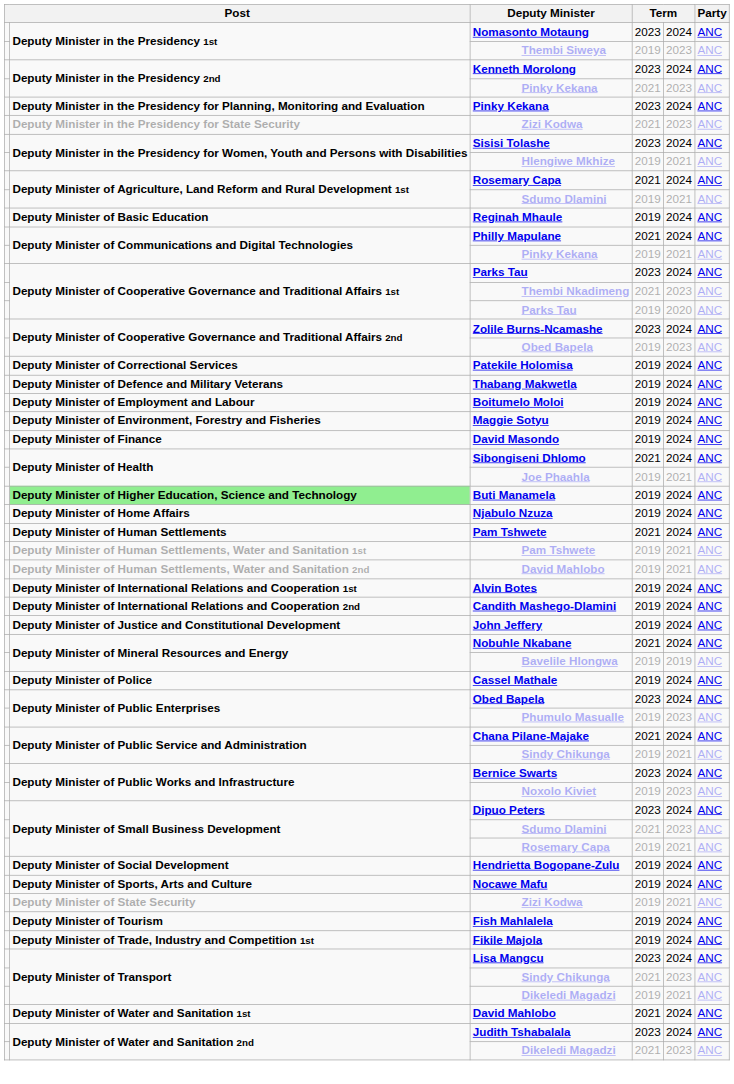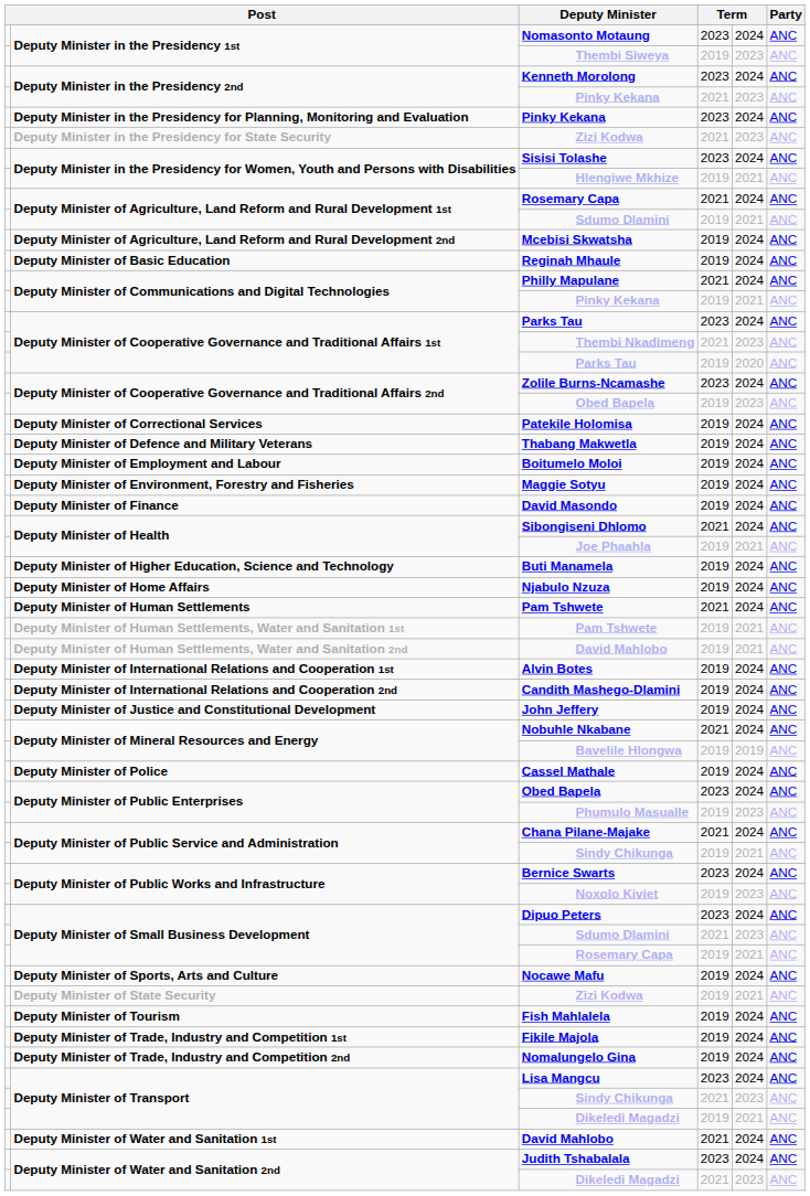 <table class="wikitable">
 <tr>
 <th colspan="2"><strong>Post</strong></th>
 <th><strong>Deputy Minister</strong></th>
 <th colspan="2"><strong>Term</strong></th>
 <th><strong>Party</strong></th>
 </tr>
 <tr>
 <td style="background-color: "></td>
 <td rowspan="2"><strong>Deputy Minister in the Presidency <small>1st</small></strong></td>
 <td><strong><a href='#'>Nomasonto Motaung</a></strong></td>
 <td>2023</td>
 <td>2024</td>
 <td><a href='#'>ANC</a></td>
 </tr>
 <tr style="opacity:.3;">
 <td style="background-color: "></td>
 <td style="padding-left:70px"><strong><a href='#'>Thembi Siweya</a></strong></td>
 <td>2019</td>
 <td>2023</td>
 <td><a href='#'>ANC</a></td>
 </tr>
 <tr>
 <td style="background-color: "></td>
 <td rowspan="2"><strong>Deputy Minister in the Presidency <small>2nd</small></strong></td>
 <td><strong><a href='#'>Kenneth Morolong</a></strong></td>
 <td>2023</td>
 <td>2024</td>
 <td><a href='#'>ANC</a></td>
 </tr>
 <tr style="opacity:.3;">
 <td style="background-color: "></td>
 <td style="padding-left:70px"><strong><a href='#'>Pinky Kekana</a></strong></td>
 <td>2021</td>
 <td>2023</td>
 <td><a href='#'>ANC</a></td>
 </tr>
 <tr>
 <td style="background-color: "></td>
 <td><strong>Deputy Minister in the Presidency for Planning, Monitoring and Evaluation</strong></td>
 <td><strong><a href='#'>Pinky Kekana</a></strong></td>
 <td>2023</td>
 <td>2024</td>
 <td><a href='#'>ANC</a></td>
 </tr>
 <tr style="opacity:.3;">
 <td style="background-color: "></td>
 <td><strong>Deputy Minister in the Presidency for State Security</strong></td>
 <td style="padding-left:70px"><strong><a href='#'>Zizi Kodwa</a></strong></td>
 <td>2021</td>
 <td>2023</td>
 <td><a href='#'>ANC</a></td>
 </tr>
 <tr>
 <td style="background-color: "></td>
 <td rowspan="2"><strong>Deputy Minister in the Presidency for Women, Youth and Persons with Disabilities</strong></td>
 <td><strong><a href='#'>Sisisi Tolashe</a></strong></td>
 <td>2023</td>
 <td>2024</td>
 <td><a href='#'>ANC</a></td>
 </tr>
 <tr style="opacity:.3;">
 <td style="background-color: "></td>
 <td style="padding-left:70px"><strong><a href='#'>Hlengiwe Mkhize</a></strong></td>
 <td>2019</td>
 <td>2021</td>
 <td><a href='#'>ANC</a></td>
 </tr>
 <tr>
 <td style="background-color: "></td>
 <td rowspan="2"><strong>Deputy Minister of Agriculture, Land Reform and Rural Development <small>1st</small></strong></td>
 <td><strong><a href='#'>Rosemary Capa</a></strong></td>
 <td>2021</td>
 <td>2024</td>
 <td><a href='#'>ANC</a></td>
 </tr>
 <tr style="opacity:.3;">
 <td style="background-color: "></td>
 <td style="padding-left:70px"><strong><a href='#'>Sdumo Dlamini</a></strong></td>
 <td>2019</td>
 <td>2021</td>
+<td><a href='#'>ANC</a></td>
+</tr>
+<tr>
+<td style="background-color: "></td>
+<td><strong>Deputy Minister of Agriculture, Land Reform and Rural Development <small>2nd</small></strong></td>
+<td><strong><a href='#'>Mcebisi Skwatsha</a></strong></td>
+<td>2019</td>
+<td>2024</td>
 <td><a href='#'>ANC</a></td>
 </tr>
 <tr>
 <td style="background-color: "></td>
 <td><strong>Deputy Minister of Basic Education</strong></td>
 <td><strong><a href='#'>Reginah Mhaule</a></strong></td>
 <td>2019</td>
 <td>2024</td>
 <td><a href='#'>ANC</a></td>
 </tr>
 <tr>
 <td style="background-color: "></td>
 <td rowspan="2"><strong>Deputy Minister of Communications and Digital Technologies</strong></td>
 <td><strong><a href='#'>Philly Mapulane</a></strong></td>
 <td>2021</td>
 <td>2024</td>
 <td><a href='#'>ANC</a></td>
 </tr>
 <tr style="opacity:.3;">
 <td style="background-color: "></td>
 <td style="padding-left:70px"><strong><a href='#'>Pinky Kekana</a></strong></td>
 <td>2019</td>
 <td>2021</td>
 <td><a href='#'>ANC</a></td>
 </tr>
 <tr>
 <td style="background-color: "></td>
 <td rowspan="3"><strong>Deputy Minister of Cooperative Governance and Traditional Affairs <small>1st</small></strong></td>
 <td><strong><a href='#'>Parks Tau</a></strong></td>
 <td>2023</td>
 <td>2024</td>
 <td><a href='#'>ANC</a></td>
 </tr>
 <tr style="opacity:.3;">
 <td style="background-color: "></td>
 <td style="padding-left:70px"><strong><a href='#'>Thembi Nkadimeng</a></strong></td>
 <td>2021</td>
 <td>2023</td>
 <td><a href='#'>ANC</a></td>
 </tr>
 <tr style="opacity:.3;">
 <td style="background-color: "></td>
 <td style="padding-left:70px"><strong><a href='#'>Parks Tau</a></strong></td>
 <td>2019</td>
 <td>2020</td>
 <td><a href='#'>ANC</a></td>
 </tr>
 <tr>
 <td style="background-color: "></td>
 <td rowspan="2"><strong>Deputy Minister of Cooperative Governance and Traditional Affairs <small>2nd</small></strong></td>
 <td><strong><a href='#'>Zolile Burns-Ncamashe</a></strong></td>
 <td>2023</td>
 <td>2024</td>
 <td><a href='#'>ANC</a></td>
 </tr>
 <tr style="opacity:.3;">
 <td style="background-color: "></td>
 <td style="padding-left:70px"><strong><a href='#'>Obed Bapela</a></strong></td>
 <td>2019</td>
 <td>2023</td>
 <td><a href='#'>ANC</a></td>
 </tr>
 <tr>
 <td style="background-color: "></td>
 <td><strong>Deputy Minister of Correctional Services</strong></td>
 <td><strong><a href='#'>Patekile Holomisa</a></strong></td>
 <td>2019</td>
 <td>2024</td>
 <td><a href='#'>ANC</a></td>
 </tr>
 <tr>
 <td style="background-color: "></td>
 <td><strong>Deputy Minister of Defence and Military Veterans</strong></td>
 <td><strong><a href='#'>Thabang Makwetla</a></strong></td>
 <td>2019</td>
 <td>2024</td>
 <td><a href='#'>ANC</a></td>
 </tr>
 <tr>
 <td style="background-color: "></td>
 <td><strong>Deputy Minister of Employment and Labour</strong></td>
 <td><strong><a href='#'>Boitumelo Moloi</a></strong></td>
 <td>2019</td>
 <td>2024</td>
 <td><a href='#'>ANC</a></td>
 </tr>
 <tr>
 <td style="background-color: "></td>
 <td><strong>Deputy Minister of Environment, Forestry and Fisheries</strong></td>
 <td><strong><a href='#'>Maggie Sotyu</a></strong></td>
 <td>2019</td>
 <td>2024</td>
 <td><a href='#'>ANC</a></td>
 </tr>
 <tr>
 <td style="background-color: "></td>
 <td><strong>Deputy Minister of Finance</strong></td>
 <td><strong><a href='#'>David Masondo</a></strong></td>
 <td>2019</td>
 <td>2024</td>
 <td><a href='#'>ANC</a></td>
 </tr>
 <tr>
 <td style="background-color: "></td>
 <td rowspan="2"><strong>Deputy Minister of Health</strong></td>
 <td><strong><a href='#'>Sibongiseni Dhlomo</a></strong></td>
 <td>2021</td>
 <td>2024</td>
 <td><a href='#'>ANC</a></td>
 </tr>
 <tr style="opacity:.3;">
 <td style="background-color: "></td>
 <td style="padding-left:70px"><strong><a href='#'>Joe Phaahla</a></strong></td>
 <td>2019</td>
 <td>2021</td>
 <td><a href='#'>ANC</a></td>
 </tr>
 <tr>
 <td style="background-color: "></td>
-<td style="background: lightgreen;"><strong>Deputy Minister of Higher Education, Science and Technology</strong></td>
+<td><strong>Deputy Minister of Higher Education, Science and Technology</strong></td>
 <td><strong><a href='#'>Buti Manamela</a></strong></td>
 <td>2019</td>
 <td>2024</td>
 <td><a href='#'>ANC</a></td>
 </tr>
 <tr>
 <td style="background-color: "></td>
 <td><strong>Deputy Minister of Home Affairs</strong></td>
 <td><strong><a href='#'>Njabulo Nzuza</a></strong></td>
 <td>2019</td>
 <td>2024</td>
 <td><a href='#'>ANC</a></td>
 </tr>
 <tr>
 <td style="background-color: "></td>
 <td><strong>Deputy Minister of Human Settlements</strong></td>
 <td><strong><a href='#'>Pam Tshwete</a></strong></td>
 <td>2021</td>
 <td>2024</td>
 <td><a href='#'>ANC</a></td>
 </tr>
 <tr style="opacity:.3;">
 <td style="background-color: "></td>
 <td><strong>Deputy Minister of Human Settlements, Water and Sanitation <small>1st</small></strong></td>
 <td style="padding-left:70px"><strong><a href='#'>Pam Tshwete</a></strong></td>
 <td>2019</td>
 <td>2021</td>
 <td><a href='#'>ANC</a></td>
 </tr>
 <tr style="opacity:.3;">
 <td style="background-color: "></td>
 <td><strong>Deputy Minister of Human Settlements, Water and Sanitation <small>2nd</small></strong></td>
 <td style="padding-left:70px"><strong><a href='#'>David Mahlobo</a></strong></td>
 <td>2019</td>
 <td>2021</td>
 <td><a href='#'>ANC</a></td>
 </tr>
 <tr>
 <td style="background-color: "></td>
 <td><strong>Deputy Minister of International Relations and Cooperation <small>1st</small></strong></td>
 <td><strong><a href='#'>Alvin Botes</a></strong></td>
 <td>2019</td>
 <td>2024</td>
 <td><a href='#'>ANC</a></td>
 </tr>
 <tr>
 <td style="background-color: "></td>
 <td><strong>Deputy Minister of International Relations and Cooperation <small>2nd</small></strong></td>
 <td><strong><a href='#'>Candith Mashego-Dlamini</a></strong></td>
 <td>2019</td>
 <td>2024</td>
 <td><a href='#'>ANC</a></td>
 </tr>
 <tr>
 <td style="background-color: "></td>
 <td><strong>Deputy Minister of Justice and Constitutional Development</strong></td>
 <td><a href='#'><strong>John Jeffery</strong></a></td>
 <td>2019</td>
 <td>2024</td>
 <td><a href='#'>ANC</a></td>
 </tr>
 <tr>
 <td style="background-color: "></td>
 <td rowspan="2"><strong>Deputy Minister of Mineral Resources and Energy</strong></td>
 <td><strong><a href='#'>Nobuhle Nkabane</a></strong></td>
 <td>2021</td>
 <td>2024</td>
 <td><a href='#'>ANC</a></td>
 </tr>
 <tr style="opacity:.3;">
 <td style="background-color: "></td>
 <td style="padding-left:70px"><strong><a href='#'>Bavelile Hlongwa</a></strong></td>
 <td>2019</td>
 <td>2019</td>
 <td><a href='#'>ANC</a></td>
 </tr>
 <tr>
 <td style="background-color: "></td>
 <td><strong>Deputy Minister of Police</strong></td>
 <td><strong><a href='#'>Cassel Mathale</a></strong></td>
 <td>2019</td>
 <td>2024</td>
 <td><a href='#'>ANC</a></td>
 </tr>
 <tr>
 <td style="background-color: "></td>
 <td rowspan="2"><strong>Deputy Minister of Public Enterprises</strong></td>
 <td><strong><a href='#'>Obed Bapela</a></strong></td>
 <td>2023</td>
 <td>2024</td>
 <td><a href='#'>ANC</a></td>
 </tr>
 <tr style="opacity:.3;">
 <td style="background-color: "></td>
 <td style="padding-left:70px"><strong><a href='#'>Phumulo Masualle</a></strong></td>
 <td>2019</td>
 <td>2023</td>
 <td><a href='#'>ANC</a></td>
 </tr>
 <tr>
 <td style="background-color: "></td>
 <td rowspan="2"><strong>Deputy Minister of Public Service and Administration</strong></td>
 <td><strong><a href='#'>Chana Pilane-Majake</a></strong></td>
 <td>2021</td>
 <td>2024</td>
 <td><a href='#'>ANC</a></td>
 </tr>
 <tr style="opacity:.3;">
 <td style="background-color: "></td>
 <td style="padding-left:70px"><strong><a href='#'>Sindy Chikunga</a></strong></td>
 <td>2019</td>
 <td>2021</td>
 <td><a href='#'>ANC</a></td>
 </tr>
 <tr>
 <td style="background-color: "></td>
 <td rowspan="2"><strong>Deputy Minister of Public Works and Infrastructure</strong></td>
 <td><strong><a href='#'>Bernice Swarts</a></strong></td>
 <td>2023</td>
 <td>2024</td>
 <td><a href='#'>ANC</a></td>
 </tr>
 <tr style="opacity:.3;">
 <td style="background-color: "></td>
 <td style="padding-left:70px"><strong><a href='#'>Noxolo Kiviet</a></strong></td>
 <td>2019</td>
 <td>2023</td>
 <td><a href='#'>ANC</a></td>
 </tr>
 <tr>
 <td style="background-color: "></td>
 <td rowspan="3"><strong>Deputy Minister of Small Business Development</strong></td>
 <td><strong><a href='#'>Dipuo Peters</a></strong></td>
 <td>2023</td>
 <td>2024</td>
 <td><a href='#'>ANC</a></td>
 </tr>
 <tr style="opacity:.3;">
 <td style="background-color: "></td>
 <td style="padding-left:70px"><strong><a href='#'>Sdumo Dlamini</a></strong></td>
 <td>2021</td>
 <td>2023</td>
 <td><a href='#'>ANC</a></td>
 </tr>
 <tr style="opacity:.3;">
 <td style="background-color: "></td>
 <td style="padding-left:70px"><strong><a href='#'>Rosemary Capa</a></strong></td>
 <td>2019</td>
 <td>2021</td>
 <td><a href='#'>ANC</a></td>
 </tr>
 <tr>
 <td style="background-color: "></td>
-<td><strong>Deputy Minister of Social Development</strong></td>
-<td><strong><a href='#'>Hendrietta Bogopane-Zulu</a></strong></td>
-<td>2019</td>
-<td>2024</td>
-<td><a href='#'>ANC</a></td>
-</tr>
-<tr>
-<td style="background-color: "></td>
 <td><strong>Deputy Minister of Sports, Arts and Culture</strong></td>
 <td><strong><a href='#'>Nocawe Mafu</a></strong></td>
 <td>2019</td>
 <td>2024</td>
 <td><a href='#'>ANC</a></td>
 </tr>
 <tr style="opacity:.3;">
 <td style="background-color: "></td>
 <td><strong>Deputy Minister of State Security</strong></td>
 <td style="padding-left:70px"><strong><a href='#'>Zizi Kodwa</a></strong></td>
 <td>2019</td>
 <td>2021</td>
 <td><a href='#'>ANC</a></td>
 </tr>
 <tr>
 <td style="background-color: "></td>
 <td><strong>Deputy Minister of Tourism</strong></td>
 <td><strong><a href='#'>Fish Mahlalela</a></strong></td>
 <td>2019</td>
 <td>2024</td>
 <td><a href='#'>ANC</a></td>
 </tr>
 <tr>
 <td style="background-color: "></td>
 <td><strong>Deputy Minister of Trade, Industry and Competition <small>1st</small></strong></td>
 <td><strong><a href='#'>Fikile Majola</a></strong></td>
+<td>2019</td>
+<td>2024</td>
+<td><a href='#'>ANC</a></td>
+</tr>
+<tr>
+<td style="background-color: "></td>
+<td><strong>Deputy Minister of Trade, Industry and Competition <small>2nd</small></strong></td>
+<td><strong><a href='#'>Nomalungelo Gina</a></strong></td>
 <td>2019</td>
 <td>2024</td>
 <td><a href='#'>ANC</a></td>
 </tr>
 <tr>
 <td style="background-color: "></td>
 <td rowspan="3"><strong>Deputy Minister of Transport</strong></td>
 <td><strong><a href='#'>Lisa Mangcu</a></strong></td>
 <td>2023</td>
 <td>2024</td>
 <td><a href='#'>ANC</a></td>
 </tr>
 <tr style="opacity:.3;">
 <td style="background-color: "></td>
 <td style="padding-left:70px"><strong><a href='#'>Sindy Chikunga</a></strong></td>
 <td>2021</td>
 <td>2023</td>
 <td><a href='#'>ANC</a></td>
 </tr>
 <tr style="opacity:.3;">
 <td style="background-color: "></td>
 <td style="padding-left:70px"><strong><a href='#'>Dikeledi Magadzi</a></strong></td>
 <td>2019</td>
 <td>2021</td>
 <td><a href='#'>ANC</a></td>
 </tr>
 <tr>
 <td style="background-color: "></td>
 <td><strong>Deputy Minister of Water and Sanitation <small>1st</small></strong></td>
 <td><strong><a href='#'>David Mahlobo</a></strong></td>
 <td>2021</td>
 <td>2024</td>
 <td><a href='#'>ANC</a></td>
 </tr>
 <tr>
 <td style="background-color: "></td>
 <td rowspan="2"><strong>Deputy Minister of Water and Sanitation <small>2nd</small></strong></td>
 <td><strong><a href='#'>Judith Tshabalala</a></strong></td>
 <td>2023</td>
 <td>2024</td>
 <td><a href='#'>ANC</a></td>
 </tr>
 <tr style="opacity:.3;">
 <td style="background-color: "></td>
 <td style="padding-left:70px"><strong><a href='#'>Dikeledi Magadzi</a></strong></td>
 <td>2021</td>
 <td>2023</td>
 <td><a href='#'>ANC</a></td>
 </tr>
 </table>
